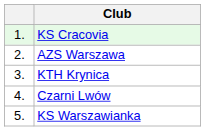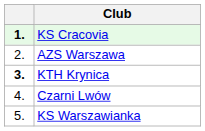 <table class="wikitable">
 <tr>
 <th width="30"></th>
 <th width="200">Club</th>
 </tr>
 <tr bgcolor="#e6fae6" align="center">
-<td>1.</td>
+<td><strong>1.</strong></td>
 <td align="left"><a href='#'>KS Cracovia</a></td>
 </tr>
 <tr bgcolor="#FFFFFF" align="center">
 <td>2.</td>
 <td align="left"><a href='#'>AZS Warszawa</a></td>
 </tr>
 <tr bgcolor="#FFFFFF" align="center">
-<td>3.</td>
+<td><strong>3.</strong></td>
 <td align="left"><a href='#'>KTH Krynica</a></td>
 </tr>
 <tr bgcolor="#FFFFFF" align="center">
 <td>4.</td>
 <td align="left"><a href='#'>Czarni Lwów</a></td>
 </tr>
 <tr bgcolor="#FFFFFF" align="center">
 <td>5.</td>
 <td align="left"><a href='#'>KS Warszawianka</a></td>
 </tr>
 </table>
